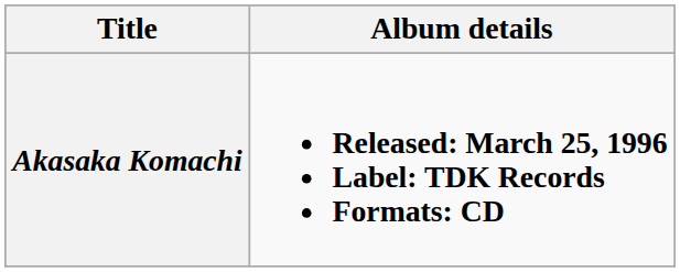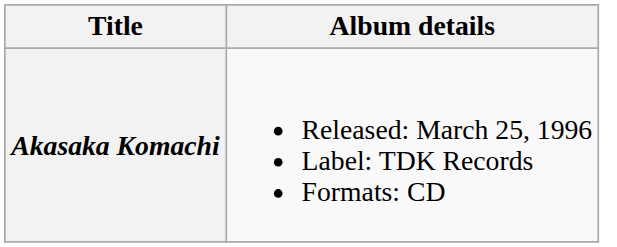 <table class="wikitable plain row headers">
 <tr>
 <th scope="col">Title</th>
 <th scope="col">Album details</th>
 </tr>
 <tr>
 <th scope="row"><em>Akasaka Komachi</em></th>
-<td><strong><br><ul><li>Released: March 25, 1996</li><li>Label: TDK Records</li><li>Formats: CD</li></ul></strong></td>
+<td><br><ul><li>Released: March 25, 1996</li><li>Label: TDK Records</li><li>Formats: CD</li></ul></td>
 </tr>
 </table>
